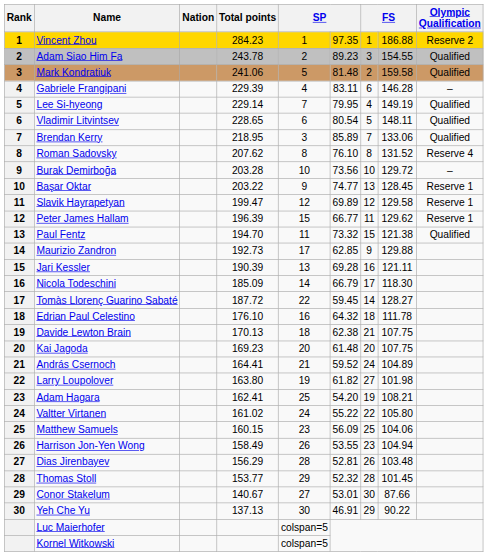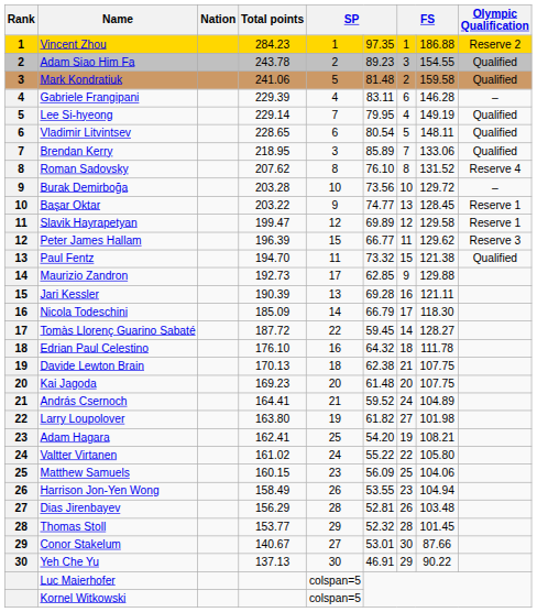 <table class="wikitable sortable">
 <tr>
 <th>Rank</th>
 <th>Name</th>
 <th>Nation</th>
 <th>Total points</th>
 <th colspan="2" width="80px"><a href='#'>SP</a></th>
 <th colspan="2" width="80px"><a href='#'>FS</a></th>
 <th width="80px"><a href='#'>Olympic Qualification</a></th>
 </tr>
 <tr bgcolor="gold">
 <td align="center"><strong>1</strong></td>
 <td><a href='#'>Vincent Zhou</a></td>
 <td></td>
 <td align="center">284.23</td>
 <td align="center">1</td>
 <td align="center">97.35</td>
 <td align="center">1</td>
 <td align="center">186.88</td>
 <td align="center">Reserve 2</td>
 </tr>
 <tr bgcolor="silver">
 <td align="center"><strong>2</strong></td>
 <td><a href='#'>Adam Siao Him Fa</a></td>
 <td></td>
 <td align="center">243.78</td>
 <td align="center">2</td>
 <td align="center">89.23</td>
 <td align="center">3</td>
 <td align="center">154.55</td>
 <td align="center">Qualified</td>
 </tr>
 <tr bgcolor="cc9966">
 <td align="center"><strong>3</strong></td>
 <td><a href='#'>Mark Kondratiuk</a></td>
 <td></td>
 <td align="center">241.06</td>
 <td align="center">5</td>
 <td align="center">81.48</td>
 <td align="center">2</td>
 <td align="center">159.58</td>
 <td align="center">Qualified</td>
 </tr>
 <tr>
 <th>4</th>
 <td><a href='#'>Gabriele Frangipani</a></td>
 <td></td>
 <td align="center">229.39</td>
 <td align="center">4</td>
 <td align="center">83.11</td>
 <td align="center">6</td>
 <td align="center">146.28</td>
 <td align="center">–</td>
 </tr>
 <tr>
 <th>5</th>
 <td><a href='#'>Lee Si-hyeong</a></td>
 <td></td>
 <td align="center">229.14</td>
 <td align="center">7</td>
 <td align="center">79.95</td>
 <td align="center">4</td>
 <td align="center">149.19</td>
 <td align="center">Qualified</td>
 </tr>
 <tr>
 <th>6</th>
 <td><a href='#'>Vladimir Litvintsev</a></td>
 <td></td>
 <td align="center">228.65</td>
 <td align="center">6</td>
 <td align="center">80.54</td>
 <td align="center">5</td>
 <td align="center">148.11</td>
 <td align="center">Qualified</td>
 </tr>
 <tr>
 <th>7</th>
 <td><a href='#'>Brendan Kerry</a></td>
 <td></td>
 <td align="center">218.95</td>
 <td align="center">3</td>
 <td align="center">85.89</td>
 <td align="center">7</td>
 <td align="center">133.06</td>
 <td align="center">Qualified</td>
 </tr>
 <tr>
 <th>8</th>
 <td><a href='#'>Roman Sadovsky</a></td>
 <td></td>
 <td align="center">207.62</td>
 <td align="center">8</td>
 <td align="center">76.10</td>
 <td align="center">8</td>
 <td align="center">131.52</td>
 <td align="center">Reserve 4</td>
 </tr>
 <tr>
 <th>9</th>
 <td><a href='#'>Burak Demirboğa</a></td>
 <td></td>
 <td align="center">203.28</td>
 <td align="center">10</td>
 <td align="center">73.56</td>
 <td align="center">10</td>
 <td align="center">129.72</td>
 <td align="center">–</td>
 </tr>
 <tr>
 <th>10</th>
 <td><a href='#'>Başar Oktar</a></td>
 <td></td>
 <td align="center">203.22</td>
 <td align="center">9</td>
 <td align="center">74.77</td>
 <td align="center">13</td>
 <td align="center">128.45</td>
 <td align="center">Reserve 1</td>
 </tr>
 <tr>
 <th>11</th>
 <td><a href='#'>Slavik Hayrapetyan</a></td>
 <td></td>
 <td align="center">199.47</td>
 <td align="center">12</td>
 <td align="center">69.89</td>
 <td align="center">12</td>
 <td align="center">129.58</td>
 <td align="center">Reserve 1</td>
 </tr>
 <tr>
 <th>12</th>
 <td><a href='#'>Peter James Hallam</a></td>
 <td></td>
 <td align="center">196.39</td>
 <td align="center">15</td>
 <td align="center">66.77</td>
 <td align="center">11</td>
 <td align="center">129.62</td>
-<td align="center">Reserve 1</td>
+<td align="center">Reserve 3</td>
 </tr>
 <tr>
 <th>13</th>
 <td><a href='#'>Paul Fentz</a></td>
 <td></td>
 <td align="center">194.70</td>
 <td align="center">11</td>
 <td align="center">73.32</td>
 <td align="center">15</td>
 <td align="center">121.38</td>
 <td align="center">Qualified</td>
 </tr>
 <tr>
 <th>14</th>
 <td><a href='#'>Maurizio Zandron</a></td>
 <td></td>
 <td align="center">192.73</td>
 <td align="center">17</td>
 <td align="center">62.85</td>
 <td align="center">9</td>
 <td align="center">129.88</td>
 <td align="center"></td>
 </tr>
 <tr>
 <th>15</th>
 <td><a href='#'>Jari Kessler</a></td>
 <td></td>
 <td align="center">190.39</td>
 <td align="center">13</td>
 <td align="center">69.28</td>
 <td align="center">16</td>
 <td align="center">121.11</td>
 <td align="center"></td>
 </tr>
 <tr>
 <th>16</th>
 <td><a href='#'>Nicola Todeschini</a></td>
 <td></td>
 <td align="center">185.09</td>
 <td align="center">14</td>
 <td align="center">66.79</td>
 <td align="center">17</td>
 <td align="center">118.30</td>
 <td align="center"></td>
 </tr>
 <tr>
 <th>17</th>
 <td><a href='#'>Tomàs Llorenç Guarino Sabaté</a></td>
 <td></td>
 <td align="center">187.72</td>
 <td align="center">22</td>
 <td align="center">59.45</td>
 <td align="center">14</td>
 <td align="center">128.27</td>
 <td align="center"></td>
 </tr>
 <tr>
 <th>18</th>
 <td><a href='#'>Edrian Paul Celestino</a></td>
 <td></td>
 <td align="center">176.10</td>
 <td align="center">16</td>
 <td align="center">64.32</td>
 <td align="center">18</td>
 <td align="center">111.78</td>
 <td align="center"></td>
 </tr>
 <tr>
 <th>19</th>
 <td><a href='#'>Davide Lewton Brain</a></td>
 <td></td>
 <td align="center">170.13</td>
 <td align="center">18</td>
 <td align="center">62.38</td>
 <td align="center">21</td>
 <td align="center">107.75</td>
 <td align="center"></td>
 </tr>
 <tr>
 <th>20</th>
 <td><a href='#'>Kai Jagoda</a></td>
 <td></td>
 <td align="center">169.23</td>
 <td align="center">20</td>
 <td align="center">61.48</td>
 <td align="center">20</td>
 <td align="center">107.75</td>
 <td align="center"></td>
 </tr>
 <tr>
 <th>21</th>
 <td><a href='#'>András Csernoch</a></td>
 <td></td>
 <td align="center">164.41</td>
 <td align="center">21</td>
 <td align="center">59.52</td>
 <td align="center">24</td>
 <td align="center">104.89</td>
 <td align="center"></td>
 </tr>
 <tr>
 <th>22</th>
 <td><a href='#'>Larry Loupolover</a></td>
 <td></td>
 <td align="center">163.80</td>
 <td align="center">19</td>
 <td align="center">61.82</td>
 <td align="center">27</td>
 <td align="center">101.98</td>
 <td align="center"></td>
 </tr>
 <tr>
 <th>23</th>
 <td><a href='#'>Adam Hagara</a></td>
 <td></td>
 <td align="center">162.41</td>
 <td align="center">25</td>
 <td align="center">54.20</td>
 <td align="center">19</td>
 <td align="center">108.21</td>
 <td align="center"></td>
 </tr>
 <tr>
 <th>24</th>
 <td><a href='#'>Valtter Virtanen</a></td>
 <td></td>
 <td align="center">161.02</td>
 <td align="center">24</td>
 <td align="center">55.22</td>
 <td align="center">22</td>
 <td align="center">105.80</td>
 <td align="center"></td>
 </tr>
 <tr>
 <th>25</th>
 <td><a href='#'>Matthew Samuels</a></td>
 <td></td>
 <td align="center">160.15</td>
 <td align="center">23</td>
 <td align="center">56.09</td>
 <td align="center">25</td>
 <td align="center">104.06</td>
 <td align="center"></td>
 </tr>
 <tr>
 <th>26</th>
 <td><a href='#'>Harrison Jon-Yen Wong</a></td>
 <td></td>
 <td align="center">158.49</td>
 <td align="center">26</td>
 <td align="center">53.55</td>
 <td align="center">23</td>
 <td align="center">104.94</td>
 <td align="center"></td>
 </tr>
 <tr>
 <th>27</th>
 <td><a href='#'>Dias Jirenbayev</a></td>
 <td></td>
 <td align="center">156.29</td>
 <td align="center">28</td>
 <td align="center">52.81</td>
 <td align="center">26</td>
 <td align="center">103.48</td>
 <td align="center"></td>
 </tr>
 <tr>
 <th>28</th>
 <td><a href='#'>Thomas Stoll</a></td>
 <td></td>
 <td align="center">153.77</td>
 <td align="center">29</td>
 <td align="center">52.32</td>
 <td align="center">28</td>
 <td align="center">101.45</td>
 <td align="center"></td>
 </tr>
 <tr>
 <th>29</th>
 <td><a href='#'>Conor Stakelum</a></td>
 <td></td>
 <td align="center">140.67</td>
 <td align="center">27</td>
 <td align="center">53.01</td>
 <td align="center">30</td>
 <td align="center">87.66</td>
 <td align="center"></td>
 </tr>
 <tr>
 <th>30</th>
 <td><a href='#'>Yeh Che Yu</a></td>
 <td></td>
 <td align="center">137.13</td>
 <td align="center">30</td>
 <td align="center">46.91</td>
 <td align="center">29</td>
 <td align="center">90.22</td>
 <td align="center"></td>
 </tr>
 <tr>
 <th></th>
 <td><a href='#'>Luc Maierhofer</a></td>
 <td></td>
 <td></td>
 <td>colspan=5 </td>
 </tr>
 <tr>
 <th></th>
 <td><a href='#'>Kornel Witkowski</a></td>
 <td></td>
 <td></td>
 <td>colspan=5 </td>
 </tr>
 </table>
